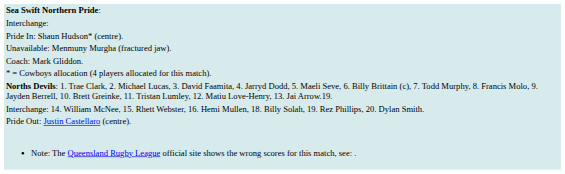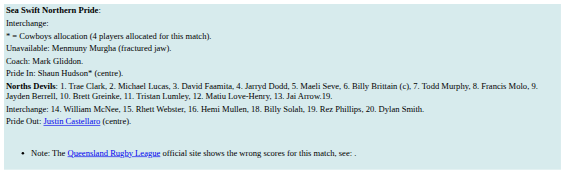 <table style="background:#d7ebed; font-size:85%; width:100%;">
 <tr>
 <td><strong>Sea Swift Northern Pride</strong>:             </td>
 </tr>
 <tr>
 <td>Interchange:    </td>
 </tr>
 <tr>
-<td>Pride In: Shaun Hudson* (centre).</td>
+<td>* = Cowboys allocation (4 players allocated for this match).</td>
 </tr>
 <tr>
 <td>Unavailable: Menmuny Murgha (fractured jaw).</td>
 </tr>
 <tr>
 <td>Coach: Mark Gliddon.</td>
 </tr>
 <tr>
-<td>* = Cowboys allocation (4 players allocated for this match).</td>
+<td>Pride In: Shaun Hudson* (centre).</td>
 </tr>
 <tr>
 <td><strong>Norths Devils</strong>: 1. Trae Clark, 2. Michael Lucas, 3. David Faamita, 4. Jarryd Dodd, 5. Maeli Seve, 6. Billy Brittain (c), 7. Todd Murphy, 8. Francis Molo, 9. Jayden Berrell, 10. Brett Greinke, 11. Tristan Lumley, 12. Matiu Love-Henry, 13. Jai Arrow.19.</td>
 </tr>
 <tr>
 <td>Interchange: 14. William McNee, 15. Rhett Webster, 16. Hemi Mullen, 18. Billy Solah, 19. Rez Phillips, 20. Dylan Smith.</td>
 </tr>
 <tr>
 <td>Pride Out: <a href='#'>Justin Castellaro</a> (centre).</td>
 </tr>
 <tr>
 <td><br><ul><li>Note: The <a href='#'>Queensland Rugby League</a> official site shows the wrong scores for this match, see: .</li></ul></td>
 </tr>
 <tr>
 </tr>
 </table>
